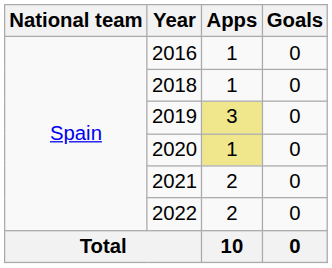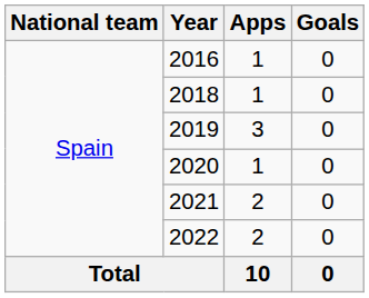 <table class=wikitable style="text-align: center">
 <tr>
 <th>National team</th>
 <th>Year</th>
 <th>Apps</th>
 <th>Goals</th>
 </tr>
 <tr>
 <td rowspan="6"><a href='#'>Spain</a></td>
 <td>2016</td>
 <td>1</td>
 <td>0</td>
 </tr>
 <tr>
 <td>2018</td>
 <td>1</td>
 <td>0</td>
 </tr>
 <tr>
 <td>2019</td>
-<td style="background: khaki;">3</td>
+<td>3</td>
 <td>0</td>
 </tr>
 <tr>
 <td>2020</td>
-<td style="background: khaki;">1</td>
+<td>1</td>
 <td>0</td>
 </tr>
 <tr>
 <td>2021</td>
 <td>2</td>
 <td>0</td>
 </tr>
 <tr>
 <td>2022</td>
 <td>2</td>
 <td>0</td>
 </tr>
 <tr>
 <th colspan="2">Total</th>
 <th>10</th>
 <th>0</th>
 </tr>
 </table>
